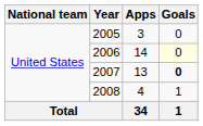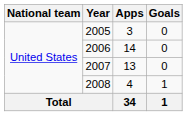 <table class="wikitable" style="text-align:center">
 <tr>
 <th>National team</th>
 <th>Year</th>
 <th>Apps</th>
 <th>Goals</th>
 </tr>
 <tr>
 <td rowspan="4"><a href='#'>United States</a></td>
 <td>2005</td>
 <td>3</td>
 <td>0</td>
 </tr>
 <tr>
 <td>2006</td>
 <td>14</td>
-<td style="background: lightyellow;">0</td>
+<td>0</td>
 </tr>
 <tr>
 <td>2007</td>
 <td>13</td>
-<td><strong>0</strong></td>
+<td>0</td>
 </tr>
 <tr>
 <td>2008</td>
 <td>4</td>
 <td>1</td>
 </tr>
 <tr>
 <th colspan="2">Total</th>
 <th>34</th>
 <th>1</th>
 </tr>
 </table>
